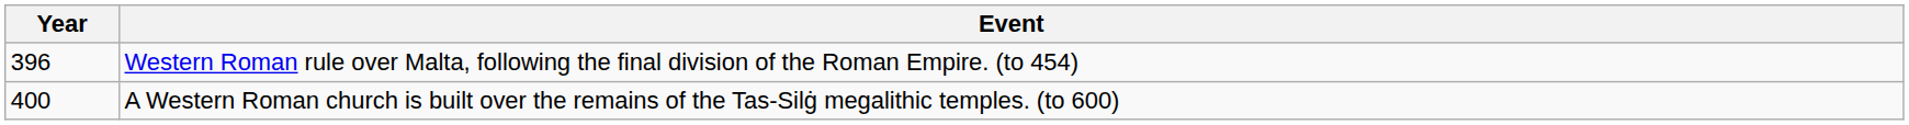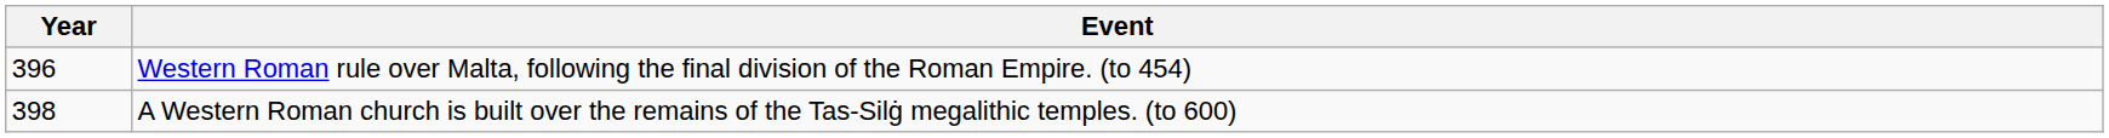 <table class="wikitable" width="100%">
 <tr>
 <th style="width:6%">Year</th>
 <th>Event</th>
 </tr>
 <tr>
 <td>396</td>
 <td><a href='#'>Western Roman</a> rule over Malta, following the final division of the Roman Empire. (to 454)</td>
 </tr>
 <tr>
-<td>400</td>
+<td>398</td>
 <td>A Western Roman church is built over the remains of the Tas-Silġ megalithic temples. (to 600)</td>
 </tr>
 </table>
